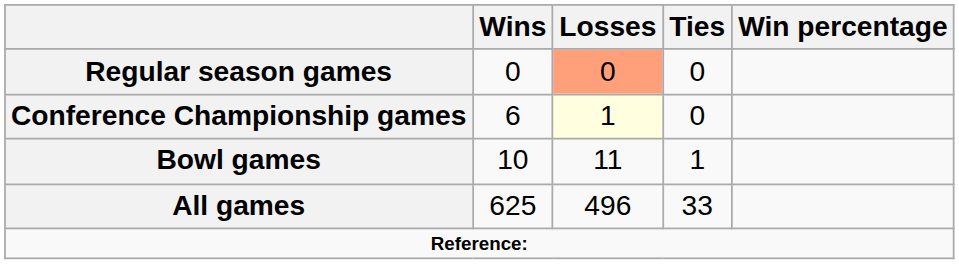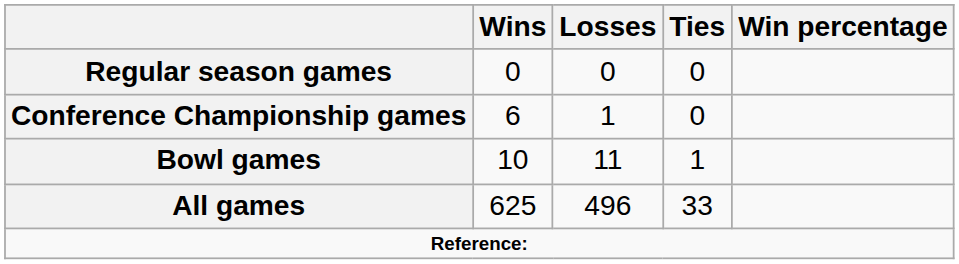 <table class="wikitable" style="text-align:center; margin:1em auto;">
 <tr>
 <th scope="col"></th>
 <th scope="col">Wins</th>
 <th scope="col">Losses</th>
 <th scope="col">Ties</th>
 <th scope="col">Win percentage</th>
 </tr>
 <tr>
 <th scope="row">Regular season games</th>
 <td>0</td>
-<td style="background: lightsalmon;">0</td>
+<td>0</td>
 <td>0</td>
 <td></td>
 </tr>
 <tr>
 <th scope="row">Conference Championship games</th>
 <td>6</td>
-<td style="background: lightyellow;">1</td>
+<td>1</td>
 <td>0</td>
 <td></td>
 </tr>
 <tr>
 <th scope="row">Bowl games</th>
 <td>10</td>
 <td>11</td>
 <td>1</td>
 <td></td>
 </tr>
 <tr>
 <th scope="row">All games</th>
 <td>625</td>
 <td>496</td>
 <td>33</td>
 <td></td>
 </tr>
 <tr>
 <td colspan="5" style="font-size: 8pt"><strong>Reference:</strong></td>
 </tr>
 </table>
